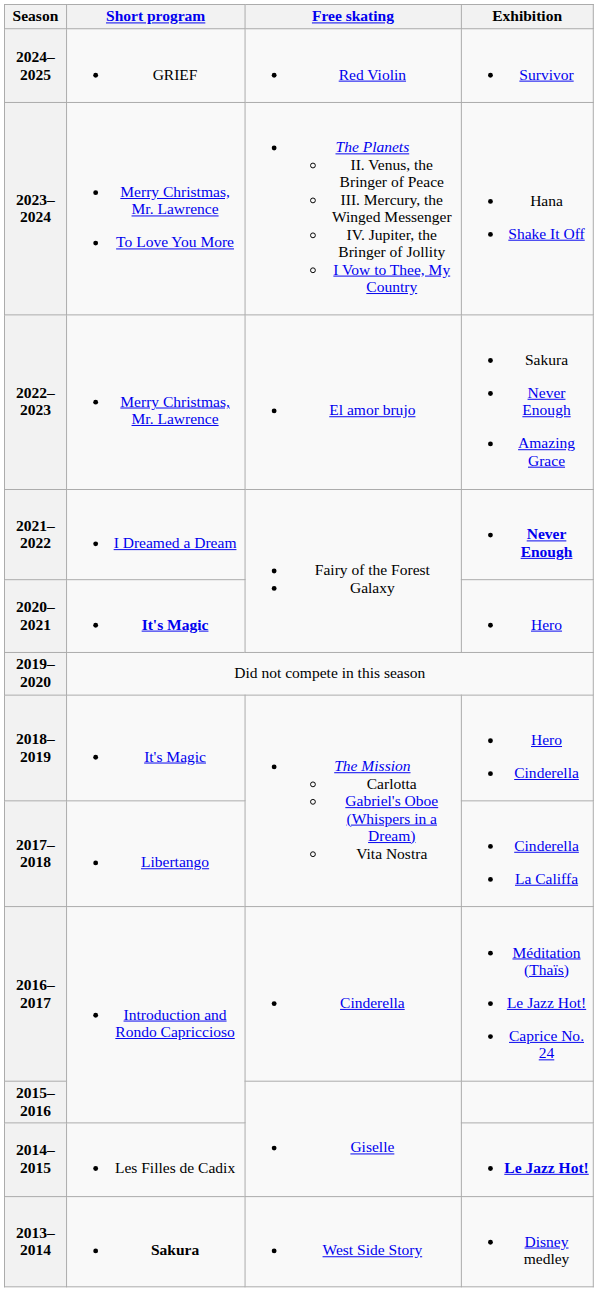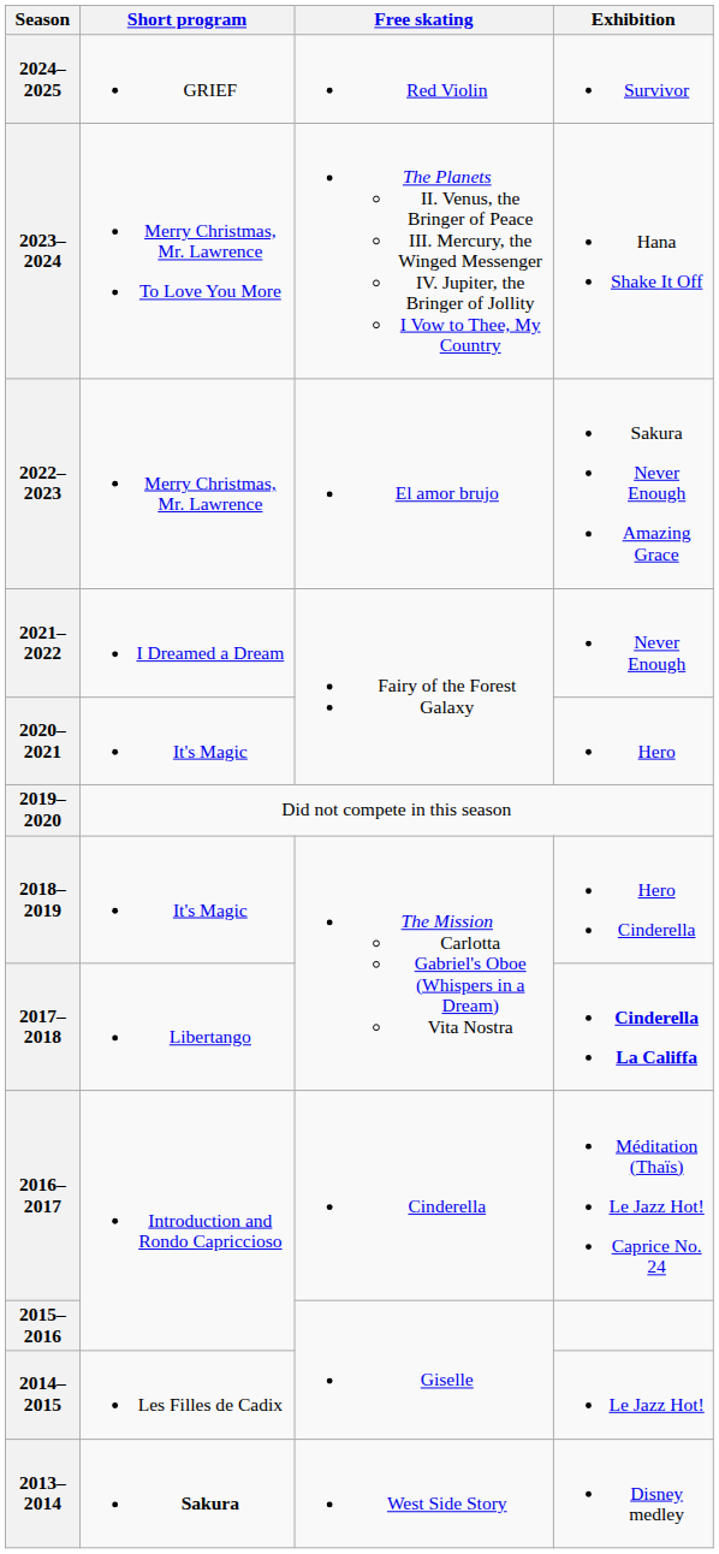 <table class=wikitable style=text-align:center>
 <tr>
 <th>Season</th>
 <th><a href='#'>Short program</a></th>
 <th><a href='#'>Free skating</a></th>
 <th>Exhibition</th>
 </tr>
 <tr>
 <th>2024–2025 <br></th>
 <td><br><ul><li>GRIEF <br> </li></ul></td>
 <td><br><ul><li><a href='#'>Red Violin</a> <br></li></ul></td>
 <td><br><ul><li><a href='#'>Survivor</a> <br> </li></ul></td>
 </tr>
 <tr>
 <th>2023–2024 <br></th>
 <td><br><ul><li><a href='#'>Merry Christmas, Mr. Lawrence</a> <br> </li></ul><ul><li><a href='#'>To Love You More</a> <br> </li></ul></td>
 <td><br><ul><li><em><a href='#'>The Planets</a></em><ul><li>II. Venus, the Bringer of Peace</li><li>III. Mercury, the Winged Messenger</li><li>IV. Jupiter, the Bringer of Jollity <br> </li><li><a href='#'>I Vow to Thee, My Country</a> <br></li></ul></li></ul></td>
 <td><br><ul><li>Hana <br></li></ul><ul><li><a href='#'>Shake It Off</a> <br></li></ul></td>
 </tr>
 <tr>
 <th>2022–2023 </th>
 <td><br><ul><li><a href='#'>Merry Christmas, Mr. Lawrence</a> <br> </li></ul></td>
 <td><br><ul><li><a href='#'>El amor brujo</a> <br> </li></ul></td>
 <td><br><ul><li>Sakura <br></li></ul><ul><li><a href='#'>Never Enough</a> <br> </li></ul><ul><li><a href='#'>Amazing Grace</a></li></ul></td>
 </tr>
 <tr>
 <th>2021–2022 <br> </th>
 <td><br><ul><li><a href='#'>I Dreamed a Dream</a> <br> </li></ul></td>
 <td rowspan=2><br><ul><li>Fairy of the Forest</li><li>Galaxy <br> </li></ul></td>
-<td><strong><br><ul><li><a href='#'>Never Enough</a> <br> </li></ul></strong></td>
+<td><br><ul><li><a href='#'>Never Enough</a> <br> </li></ul></td>
 </tr>
 <tr>
 <th>2020–2021 <br> </th>
-<td><strong><br><ul><li><a href='#'>It's Magic</a> <br></li></ul></strong></td>
+<td><br><ul><li><a href='#'>It's Magic</a> <br></li></ul></td>
 <td><br><ul><li><a href='#'>Hero</a><br></li></ul></td>
 </tr>
 <tr>
 <th>2019–2020</th>
 <td colspan="3">Did not compete in this season</td>
 </tr>
 <tr>
 <th>2018–2019 <br> </th>
 <td><br><ul><li><a href='#'>It's Magic</a> <br></li></ul></td>
 <td rowspan=2><br><ul><li><em><a href='#'>The Mission</a></em><ul><li>Carlotta</li><li><a href='#'>Gabriel's Oboe (Whispers in a Dream)</a> <br></li><li>Vita Nostra <br> </li></ul></li></ul></td>
 <td><br><ul><li><a href='#'>Hero</a><br></li></ul><ul><li><a href='#'>Cinderella</a> <br></li></ul></td>
 </tr>
 <tr>
 <th>2017–2018 <br> </th>
 <td><br><ul><li><a href='#'>Libertango</a> <br></li></ul></td>
-<td><br><ul><li><a href='#'>Cinderella</a> <br></li></ul><ul><li><a href='#'>La Califfa</a> <br></li></ul></td>
+<td><strong><br><ul><li><a href='#'>Cinderella</a> <br></li></ul><ul><li><a href='#'>La Califfa</a> <br></li></ul></strong></td>
 </tr>
 <tr>
 <th>2016–2017 <br> </th>
 <td rowspan=2><br><ul><li><a href='#'>Introduction and Rondo Capriccioso</a> <br></li></ul></td>
 <td><br><ul><li><a href='#'>Cinderella</a> <br></li></ul></td>
 <td><br><ul><li><a href='#'>Méditation (Thaïs)</a> <br></li></ul><ul><li><a href='#'>Le Jazz Hot!</a> <br></li></ul><ul><li><a href='#'>Caprice No. 24</a> <br></li></ul></td>
 </tr>
 <tr>
 <th>2015–2016 <br> </th>
 <td rowspan=2><br><ul><li><a href='#'>Giselle</a> <br></li></ul></td>
 <td></td>
 </tr>
 <tr>
 <th>2014–2015 <br> </th>
 <td><br><ul><li>Les Filles de Cadix <br></li></ul></td>
-<td><strong><br><ul><li><a href='#'>Le Jazz Hot!</a> <br></li></ul></strong></td>
+<td><br><ul><li><a href='#'>Le Jazz Hot!</a> <br></li></ul></td>
 </tr>
 <tr>
 <th>2013–2014 <br> </th>
 <td><strong><br><ul><li>Sakura <br></li></ul></strong></td>
 <td><br><ul><li><a href='#'>West Side Story</a> <br></li></ul></td>
 <td><br><ul><li><a href='#'>Disney</a> medley <br> </li></ul></td>
 </tr>
 </table>
